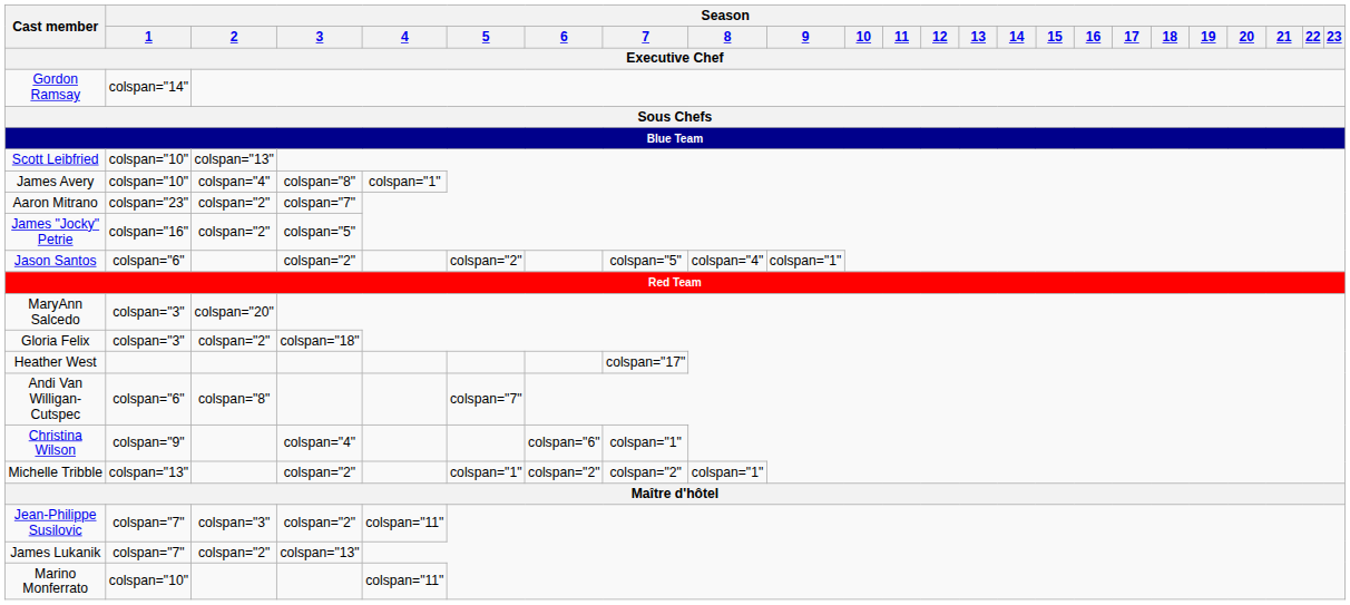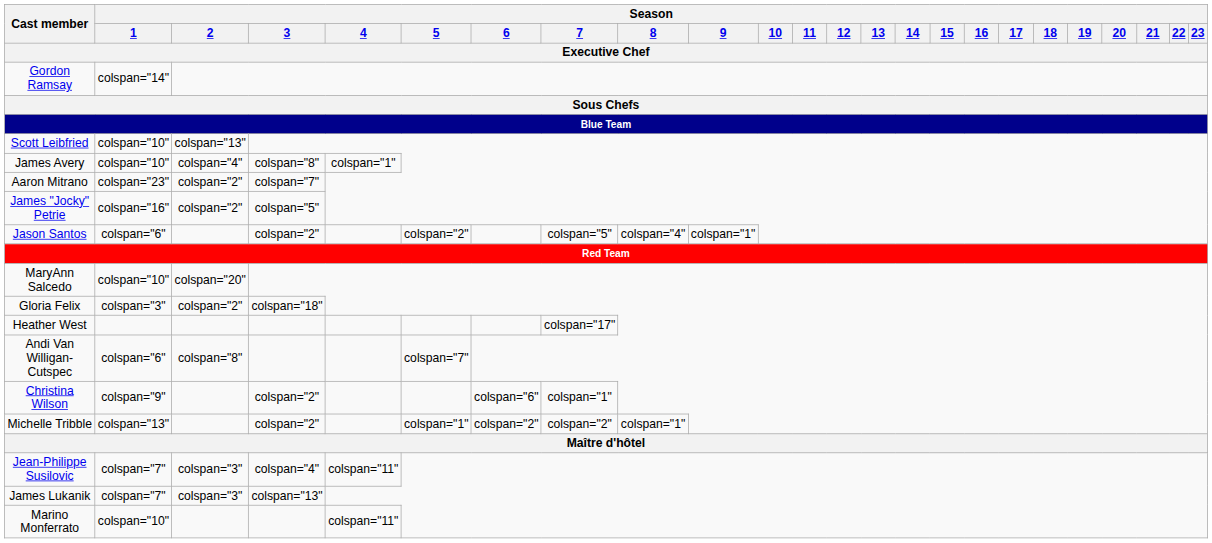 <table class="wikitable plainrowheaders" style="text-align:center; width:100%">
 <tr>
 <th scope="col" rowspan="2" style="width:10%;">Cast member</th>
 <th scope="col" colspan="23">Season</th>
 </tr>
 <tr>
 <th scope="col" style="width:4.3%"><a href='#'>1</a></th>
 <th scope="col" style="width:4.3%"><a href='#'>2</a></th>
 <th scope="col" style="width:4.3%"><a href='#'>3</a></th>
 <th scope="col" style="width:4.3%"><a href='#'>4</a></th>
 <th scope="col" style="width:4.3%"><a href='#'>5</a></th>
 <th scope="col" style="width:4.3%"><a href='#'>6</a></th>
 <th scope="col" style="width:4.3%"><a href='#'>7</a></th>
 <th scope="col" style="width:4.3%"><a href='#'>8</a></th>
 <th scope="col" style="width:4.3%"><a href='#'>9</a></th>
 <th scope="col" style="width:4.3%"><a href='#'>10</a></th>
 <th scope="col" style="width:4.3%"><a href='#'>11</a></th>
 <th scope="col" style="width:4.3%"><a href='#'>12</a></th>
 <th scope="col" style="width:4.3%"><a href='#'>13</a></th>
 <th scope="col" style="width:4.3%"><a href='#'>14</a></th>
 <th scope="col" style="width:4.3%"><a href='#'>15</a></th>
 <th scope="col" style="width:4.3%"><a href='#'>16</a></th>
 <th scope="col" style="width:4.3%"><a href='#'>17</a></th>
 <th scope="col" style="width:4.3%"><a href='#'>18</a></th>
 <th scope="col" style="width:4.3%"><a href='#'>19</a></th>
 <th scope="col" style="width:4.3%"><a href='#'>20</a></th>
 <th scope="col" style="width:4.3%"><a href='#'>21</a></th>
 <th scope="col" style="width:4.3%"><a href='#'>22</a></th>
 <th scope="col" style="width:4.3%"><a href='#'>23</a></th>
 </tr>
 <tr>
 <th scope="col" colspan="24">Executive Chef</th>
 </tr>
 <tr>
 <td scope="row"><a href='#'>Gordon Ramsay</a></td>
 <td>colspan="14" </td>
 </tr>
 <tr>
 <th scope="col" colspan="24">Sous Chefs</th>
 </tr>
 <tr>
 <th scope="col" colspan="24" style="background-color:darkblue; color:#fff;"><small>Blue Team</small></th>
 </tr>
 <tr>
 <td scope="row"><a href='#'>Scott Leibfried</a></td>
 <td>colspan="10" </td>
 <td>colspan="13" </td>
 </tr>
 <tr>
 <td scope="row">James Avery</td>
 <td>colspan="10" </td>
 <td>colspan="4" </td>
 <td>colspan="8" </td>
 <td>colspan="1" </td>
 </tr>
 <tr>
 <td scope="row">Aaron Mitrano</td>
 <td>colspan="23" </td>
 <td>colspan="2" </td>
 <td>colspan="7" </td>
 </tr>
 <tr>
 <td scope="row"><a href='#'>James "Jocky" Petrie</a></td>
 <td>colspan="16" </td>
 <td>colspan="2" </td>
 <td>colspan="5" </td>
 </tr>
 <tr>
 <td scope="row"><a href='#'>Jason Santos</a></td>
 <td>colspan="6" </td>
 <td></td>
 <td>colspan="2" </td>
 <td></td>
 <td>colspan="2" </td>
 <td></td>
 <td>colspan="5" </td>
 <td>colspan="4" </td>
 <td>colspan="1" </td>
 </tr>
 <tr>
 <th colspan="24" style="background-color:red; color:#fff;"><small>Red Team</small></th>
 </tr>
 <tr>
 <td scope="row">MaryAnn Salcedo</td>
-<td>colspan="3" </td>
+<td>colspan="10" </td>
 <td>colspan="20" </td>
 </tr>
 <tr>
 <td scope="row">Gloria Felix</td>
 <td>colspan="3" </td>
 <td>colspan="2" </td>
 <td>colspan="18" </td>
 </tr>
 <tr>
 <td scope="row">Heather West</td>
 <td></td>
 <td></td>
 <td></td>
 <td></td>
 <td></td>
 <td></td>
 <td>colspan="17" </td>
 </tr>
 <tr>
 <td scope="row">Andi Van Willigan-Cutspec</td>
 <td>colspan="6" </td>
 <td>colspan="8" </td>
 <td></td>
 <td></td>
 <td>colspan="7" </td>
 </tr>
 <tr>
 <td scope="row"><a href='#'>Christina Wilson</a></td>
 <td>colspan="9" </td>
 <td></td>
-<td>colspan="4" </td>
+<td>colspan="2" </td>
 <td></td>
 <td></td>
 <td>colspan="6" </td>
 <td>colspan="1" </td>
 </tr>
 <tr>
 <td scope="row">Michelle Tribble</td>
 <td>colspan="13" </td>
 <td></td>
 <td>colspan="2" </td>
 <td></td>
 <td>colspan="1" </td>
 <td>colspan="2" </td>
 <td>colspan="2" </td>
 <td>colspan="1" </td>
 </tr>
 <tr>
 <th colspan="24">Maître d'hôtel</th>
 </tr>
 <tr>
 <td scope="row"><a href='#'>Jean-Philippe Susilovic</a></td>
 <td>colspan="7" </td>
 <td>colspan="3" </td>
-<td>colspan="2" </td>
+<td>colspan="4" </td>
 <td>colspan="11" </td>
 </tr>
 <tr>
 <td scope="row">James Lukanik</td>
 <td>colspan="7" </td>
-<td>colspan="2" </td>
+<td>colspan="3" </td>
 <td>colspan="13" </td>
 </tr>
 <tr>
 <td scope="row">Marino Monferrato</td>
 <td>colspan="10" </td>
 <td></td>
 <td></td>
 <td>colspan="11" </td>
 </tr>
 </table>
